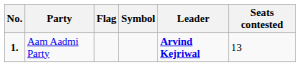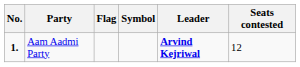 <table class="wikitable" width="50%">
 <tr>
 <th>No.</th>
 <th>Party</th>
 <th>Flag</th>
 <th>Symbol</th>
 <th>Leader</th>
 <th>Seats contested</th>
 </tr>
 <tr>
 <td ! style="text-align:center; background:"><strong>1.</strong></td>
 <td><a href='#'>Aam Aadmi Party</a></td>
 <td></td>
 <td></td>
 <td><strong><a href='#'>Arvind Kejriwal</a></strong></td>
-<td>13</td>
+<td>12</td>
 </tr>
 </table>
